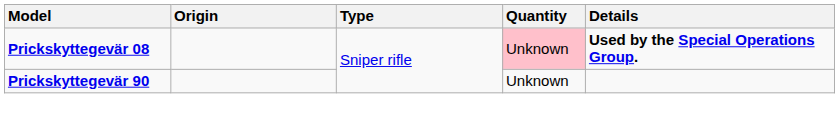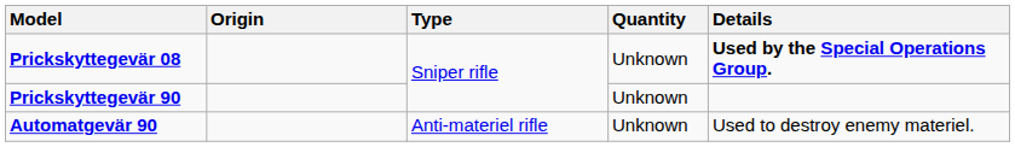 <table class="wikitable" style="width:100%;">
 <tr>
 <th style="text-align:left;width:20%;">Model</th>
 <th style="text-align:left;width:20%;">Origin</th>
 <th style="text-align:left;width:20%;">Type</th>
 <th style="text-align:left;width:10%;">Quantity</th>
 <th style="text-align:left;width:30%;">Details</th>
 </tr>
 <tr>
 <td><strong><a href='#'>Prick­skytte­gevär 08</a></strong></td>
 <td></td>
 <td rowspan="2"><a href='#'>Sniper rifle</a></td>
-<td style="background: pink;">Unknown</td>
+<td>Unknown</td>
 <td><strong>Used by the <a href='#'>Special Operations Group</a>.</strong></td>
 </tr>
 <tr>
 <td><strong><a href='#'>Prick­skytte­gevär 90</a></strong></td>
 <td></td>
 <td>Unknown</td>
 <td></td>
 </tr>
+<tr>
+<td><strong><a href='#'>Automat­gevär 90</a></strong></td>
+<td></td>
+<td><a href='#'>Anti-materiel rifle</a></td>
+<td>Unknown</td>
+<td>Used to destroy enemy materiel.</td>
+</tr>
 </table>
